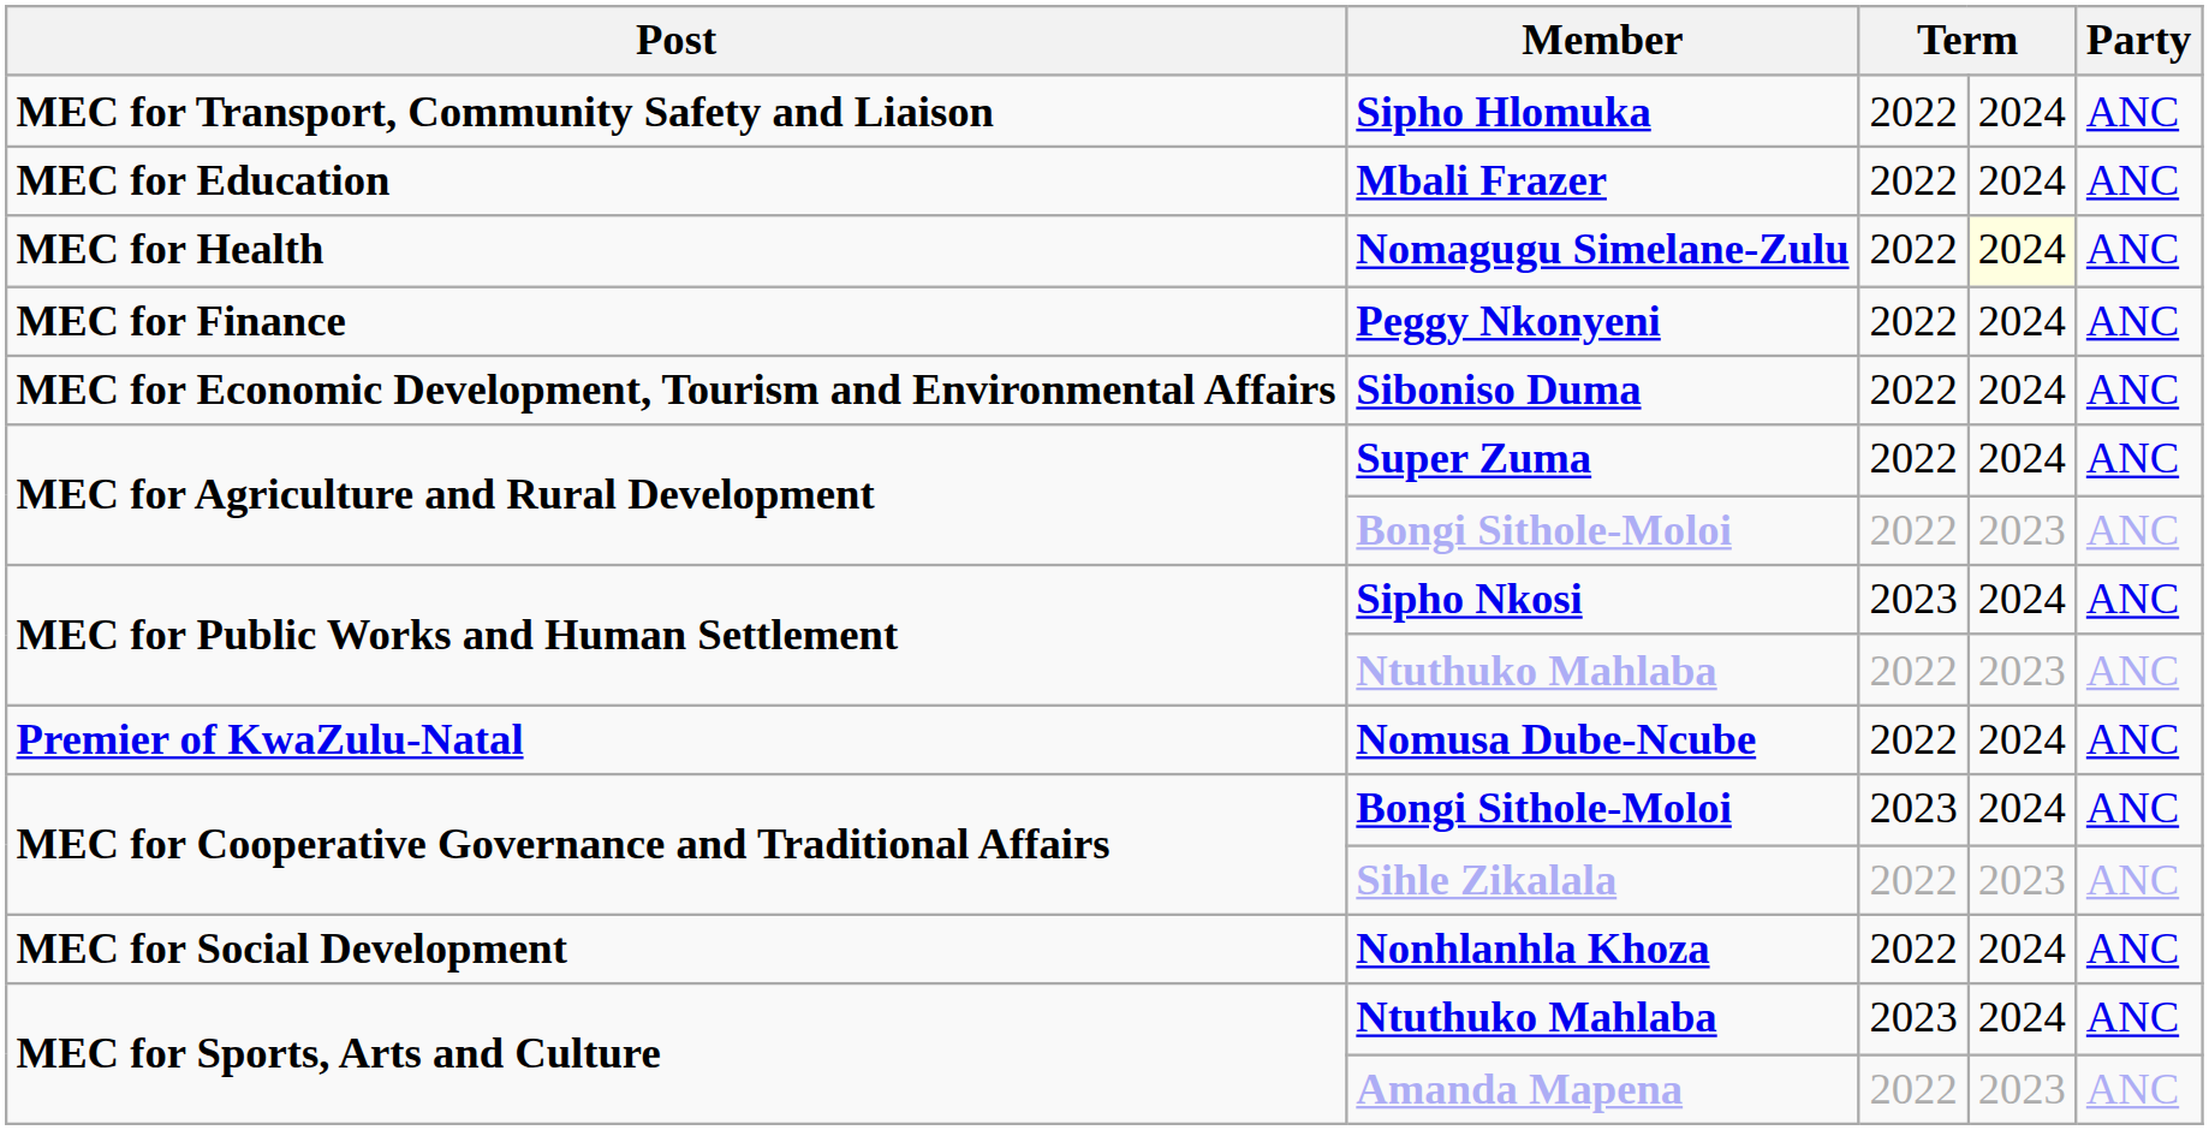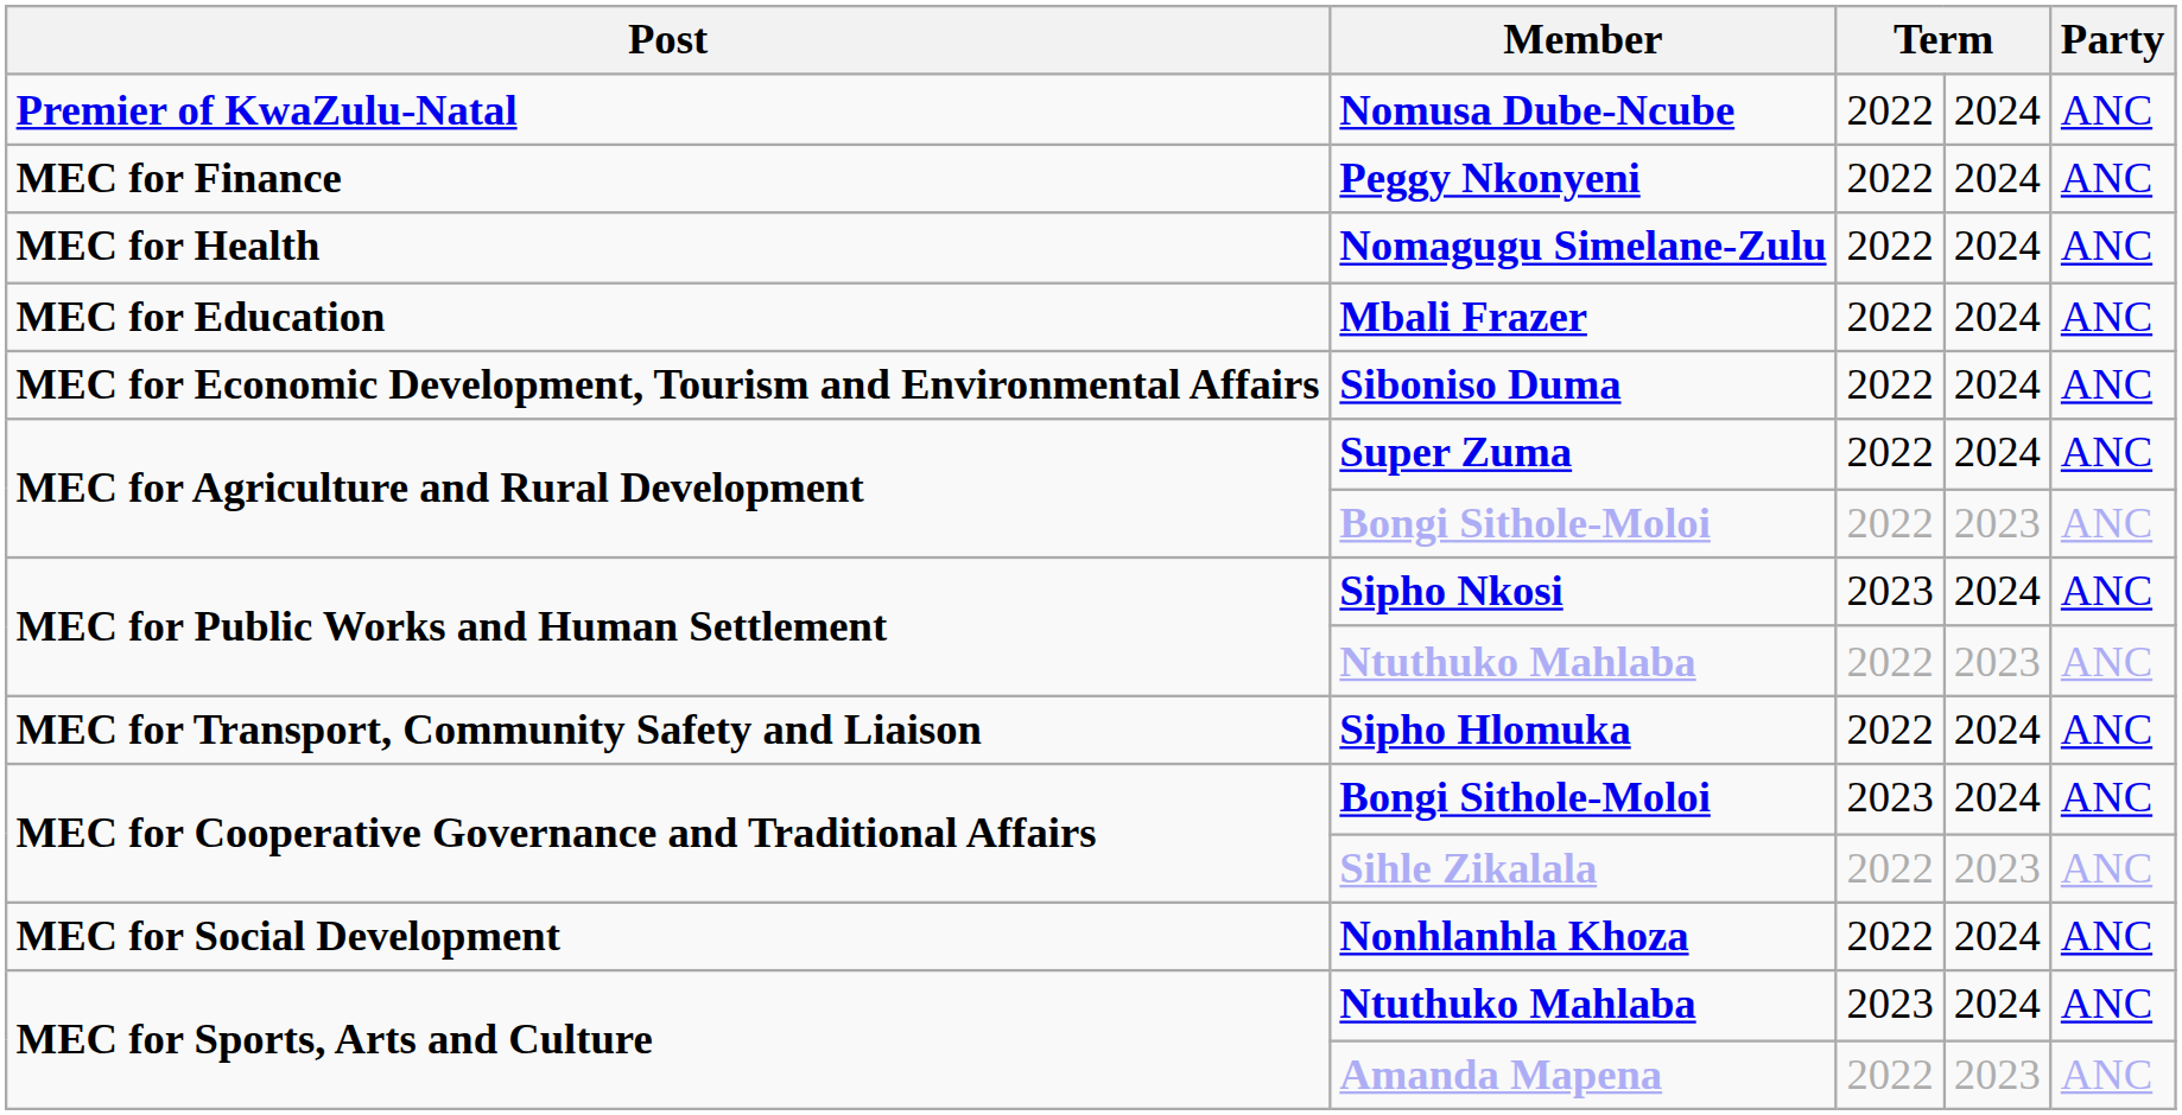 <table class="wikitable">
 <tr>
 <th>Post</th>
 <th>Member</th>
 <th colspan="2">Term</th>
 <th>Party</th>
 </tr>
 <tr>
-<td><strong>MEC for Transport, Community Safety and Liaison</strong></td>
-<td><strong><a href='#'>Sipho Hlomuka</a></strong></td>
+<td><strong><a href='#'>Premier of KwaZulu-Natal</a></strong></td>
+<td><strong><a href='#'>Nomusa Dube-Ncube</a></strong></td>
 <td>2022</td>
 <td>2024</td>
 <td><a href='#'>ANC</a></td>
 </tr>
 <tr>
-<td><strong>MEC for Education</strong></td>
-<td><strong><a href='#'>Mbali Frazer</a></strong></td>
+<td><strong>MEC for Finance</strong></td>
+<td><strong><a href='#'>Peggy Nkonyeni</a></strong></td>
 <td>2022</td>
 <td>2024</td>
 <td><a href='#'>ANC</a></td>
 </tr>
 <tr>
 <td><strong>MEC for Health</strong></td>
 <td><strong><a href='#'>Nomagugu Simelane-Zulu</a></strong></td>
 <td>2022</td>
-<td style="background: lightyellow;">2024</td>
+<td>2024</td>
 <td><a href='#'>ANC</a></td>
 </tr>
 <tr>
-<td><strong>MEC for Finance</strong></td>
-<td><strong><a href='#'>Peggy Nkonyeni</a></strong></td>
+<td><strong>MEC for Education</strong></td>
+<td><strong><a href='#'>Mbali Frazer</a></strong></td>
 <td>2022</td>
 <td>2024</td>
 <td><a href='#'>ANC</a></td>
 </tr>
 <tr>
 <td><strong>MEC for Economic Development, Tourism and Environmental Affairs</strong></td>
 <td><strong><a href='#'>Siboniso Duma</a></strong></td>
 <td>2022</td>
 <td>2024</td>
 <td><a href='#'>ANC</a></td>
 </tr>
 <tr>
 <td rowspan="2"><strong>MEC for Agriculture and Rural Development</strong></td>
 <td><strong><a href='#'>Super Zuma</a></strong></td>
 <td>2022</td>
 <td>2024</td>
 <td><a href='#'>ANC</a></td>
 </tr>
 <tr style="opacity:.3;">
 <td><strong><a href='#'>Bongi Sithole-Moloi</a></strong></td>
 <td>2022</td>
 <td>2023</td>
 <td><a href='#'>ANC</a></td>
 </tr>
 <tr>
 <td rowspan="2"><strong>MEC for Public Works and Human Settlement</strong></td>
 <td><strong><a href='#'>Sipho Nkosi</a></strong></td>
 <td>2023</td>
 <td>2024</td>
 <td><a href='#'>ANC</a></td>
 </tr>
 <tr style="opacity:.3;">
 <td><strong><a href='#'>Ntuthuko Mahlaba</a></strong></td>
 <td>2022</td>
 <td>2023</td>
 <td><a href='#'>ANC</a></td>
 </tr>
 <tr>
-<td><strong><a href='#'>Premier of KwaZulu-Natal</a></strong></td>
-<td><strong><a href='#'>Nomusa Dube-Ncube</a></strong></td>
+<td><strong>MEC for Transport, Community Safety and Liaison</strong></td>
+<td><strong><a href='#'>Sipho Hlomuka</a></strong></td>
 <td>2022</td>
 <td>2024</td>
 <td><a href='#'>ANC</a></td>
 </tr>
 <tr>
 <td rowspan="2"><strong>MEC for Cooperative Governance and Traditional Affairs</strong></td>
 <td><strong><a href='#'>Bongi Sithole-Moloi</a></strong></td>
 <td>2023</td>
 <td>2024</td>
 <td><a href='#'>ANC</a></td>
 </tr>
 <tr style="opacity:.3;">
 <td><strong><a href='#'>Sihle Zikalala</a></strong></td>
 <td>2022</td>
 <td>2023</td>
 <td><a href='#'>ANC</a></td>
 </tr>
 <tr>
 <td><strong>MEC for Social Development</strong></td>
 <td><strong><a href='#'>Nonhlanhla Khoza</a></strong></td>
 <td>2022</td>
 <td>2024</td>
 <td><a href='#'>ANC</a></td>
 </tr>
 <tr>
 <td rowspan=2><strong>MEC for Sports, Arts and Culture</strong></td>
 <td><strong><a href='#'>Ntuthuko Mahlaba</a></strong></td>
 <td>2023</td>
 <td>2024</td>
 <td><a href='#'>ANC</a></td>
 </tr>
 <tr style="opacity:.3;">
 <td><strong><a href='#'>Amanda Mapena</a></strong></td>
 <td>2022</td>
 <td>2023</td>
 <td><a href='#'>ANC</a></td>
 </tr>
 </table>
